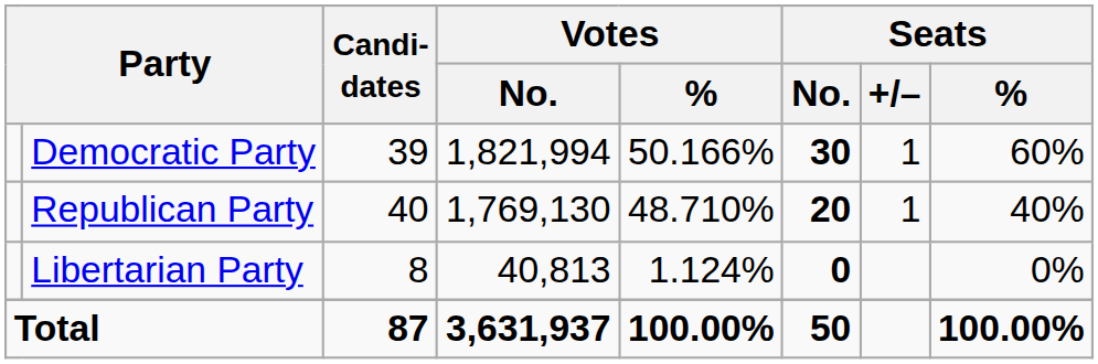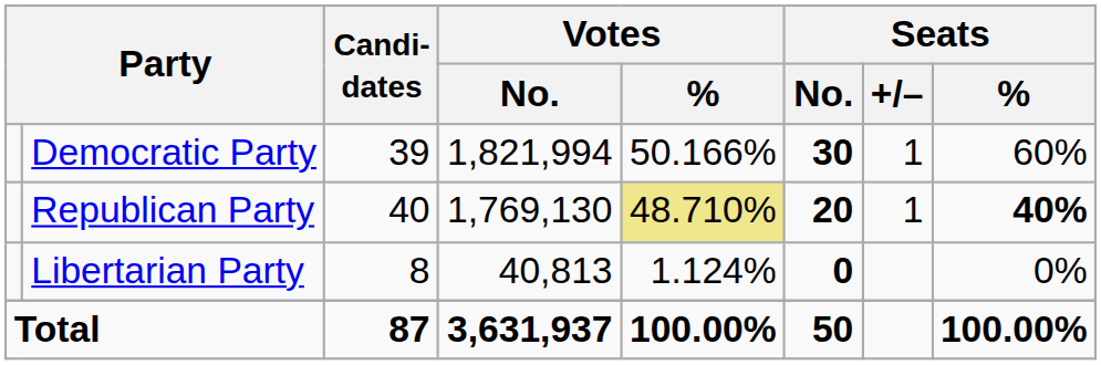 <table class="wikitable" style="font-size:100%; text-align:right;">
 <tr>
 <th colspan=2 rowspan=2>Party</th>
 <th rowspan=2><small>Candi-<br>dates</small></th>
 <th colspan=2>Votes</th>
 <th colspan=3>Seats</th>
 </tr>
 <tr>
 <th>No.</th>
 <th>%</th>
 <th>No.</th>
 <th>+/–</th>
 <th>%</th>
 </tr>
 <tr>
 <td style="background:"></td>
 <td align=left><a href='#'>Democratic Party</a></td>
 <td>39</td>
 <td>1,821,994</td>
 <td>50.166%</td>
 <td><strong>30</strong></td>
 <td>1</td>
 <td>60%</td>
 </tr>
 <tr>
 <td style="background:"></td>
 <td align=left><a href='#'>Republican Party</a></td>
 <td>40</td>
 <td>1,769,130</td>
-<td>48.710%</td>
+<td style="background: khaki;">48.710%</td>
 <td><strong>20</strong></td>
 <td>1</td>
-<td>40%</td>
+<td><strong>40%</strong></td>
 </tr>
 <tr>
 <td style="background:"></td>
 <td align=left><a href='#'>Libertarian Party</a></td>
 <td>8</td>
 <td>40,813</td>
 <td>1.124%</td>
 <td><strong>0</strong></td>
 <td></td>
 <td>0%</td>
 </tr>
 <tr>
 </tr>
 <tr style="font-weight:bold">
 <td colspan=2 align=left>Total</td>
 <td>87</td>
 <td>3,631,937</td>
 <td>100.00%</td>
 <td>50</td>
 <td></td>
 <td>100.00%</td>
 </tr>
 </table>
